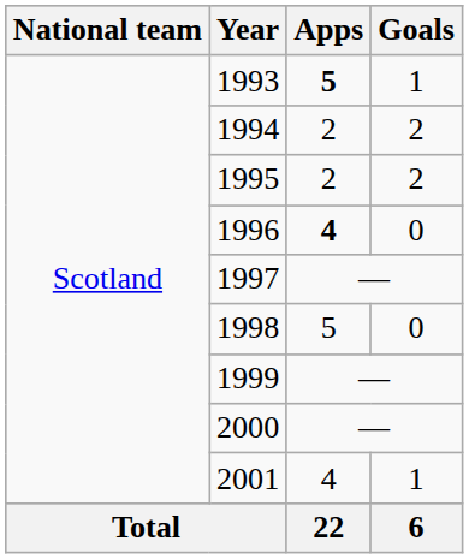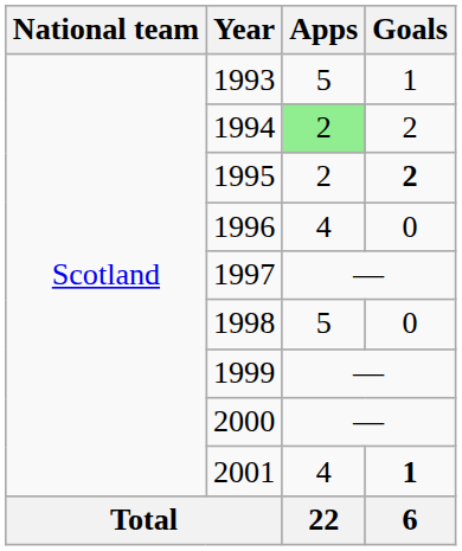 <table class="wikitable" style="text-align:center">
 <tr>
 <th>National team</th>
 <th>Year</th>
 <th>Apps</th>
 <th>Goals</th>
 </tr>
 <tr>
 <td rowspan="9"><a href='#'>Scotland</a></td>
 <td>1993</td>
-<td><strong>5</strong></td>
+<td>5</td>
 <td>1</td>
 </tr>
 <tr>
 <td>1994</td>
-<td>2</td>
+<td style="background: lightgreen;">2</td>
 <td>2</td>
 </tr>
 <tr>
 <td>1995</td>
 <td>2</td>
-<td>2</td>
+<td><strong>2</strong></td>
 </tr>
 <tr>
 <td>1996</td>
-<td><strong>4</strong></td>
+<td>4</td>
 <td>0</td>
 </tr>
 <tr>
 <td>1997</td>
 <td colspan="2">—</td>
 </tr>
 <tr>
 <td>1998</td>
 <td>5</td>
 <td>0</td>
 </tr>
 <tr>
 <td>1999</td>
 <td colspan="2">—</td>
 </tr>
 <tr>
 <td>2000</td>
 <td colspan="2">—</td>
 </tr>
 <tr>
 <td>2001</td>
 <td>4</td>
-<td>1</td>
+<td><strong>1</strong></td>
 </tr>
 <tr>
 <th colspan="2">Total</th>
 <th>22</th>
 <th>6</th>
 </tr>
 </table>
